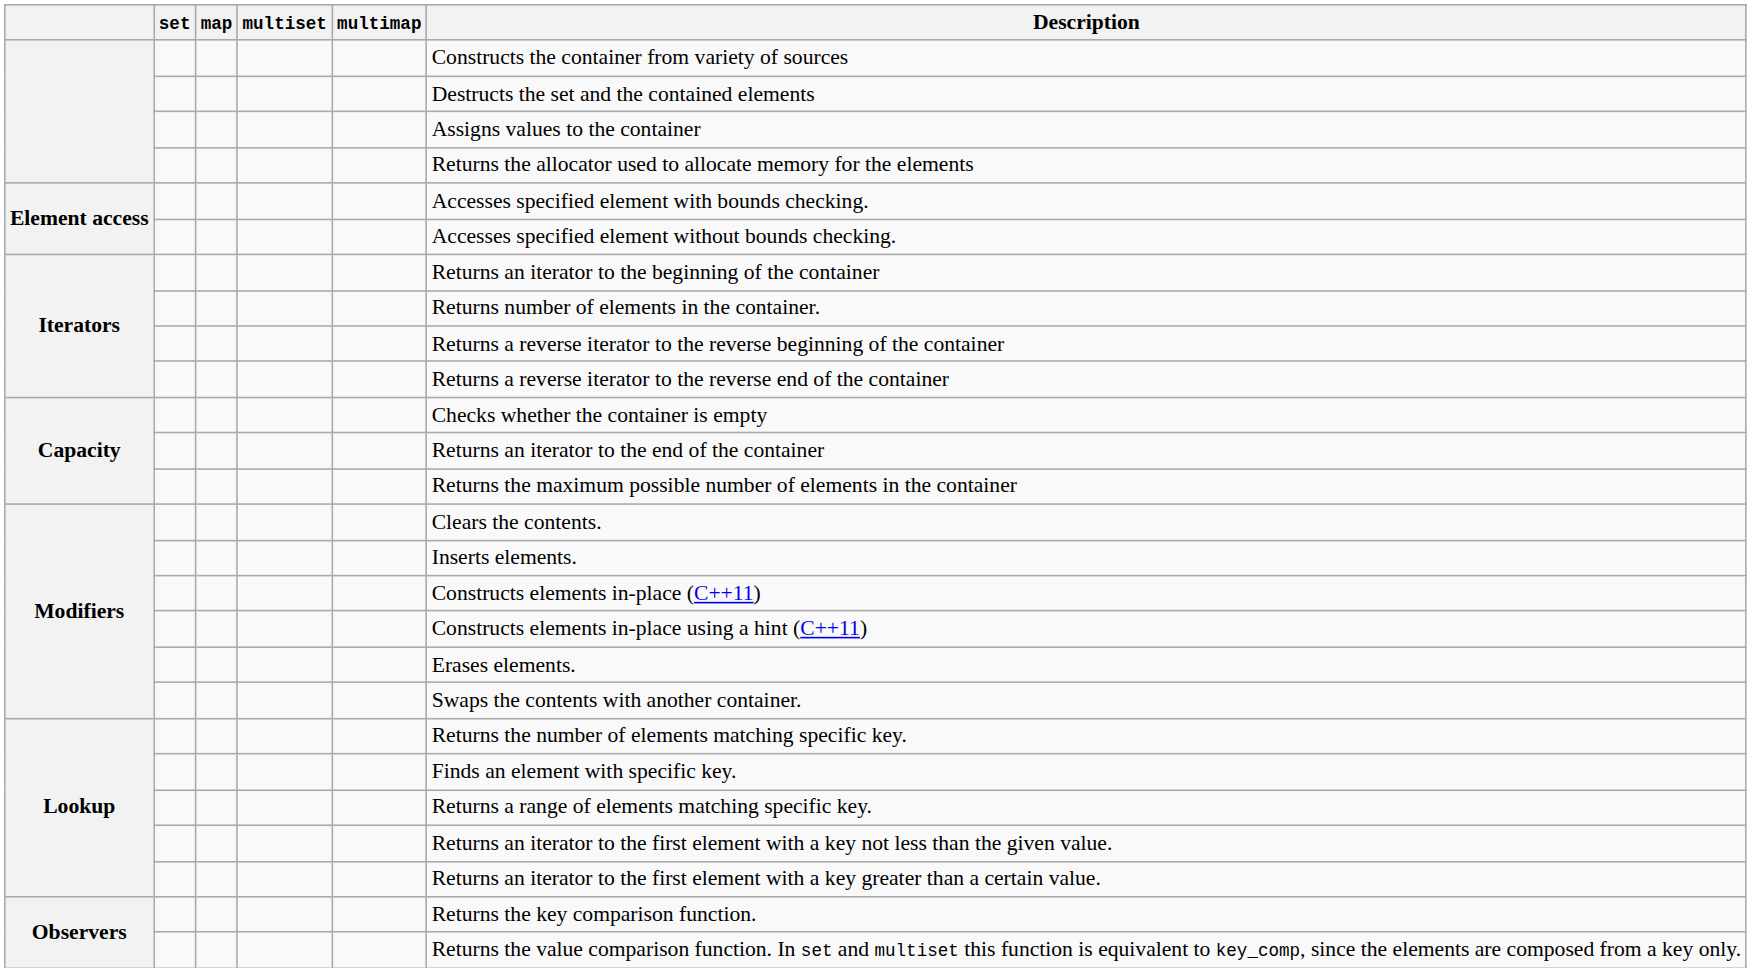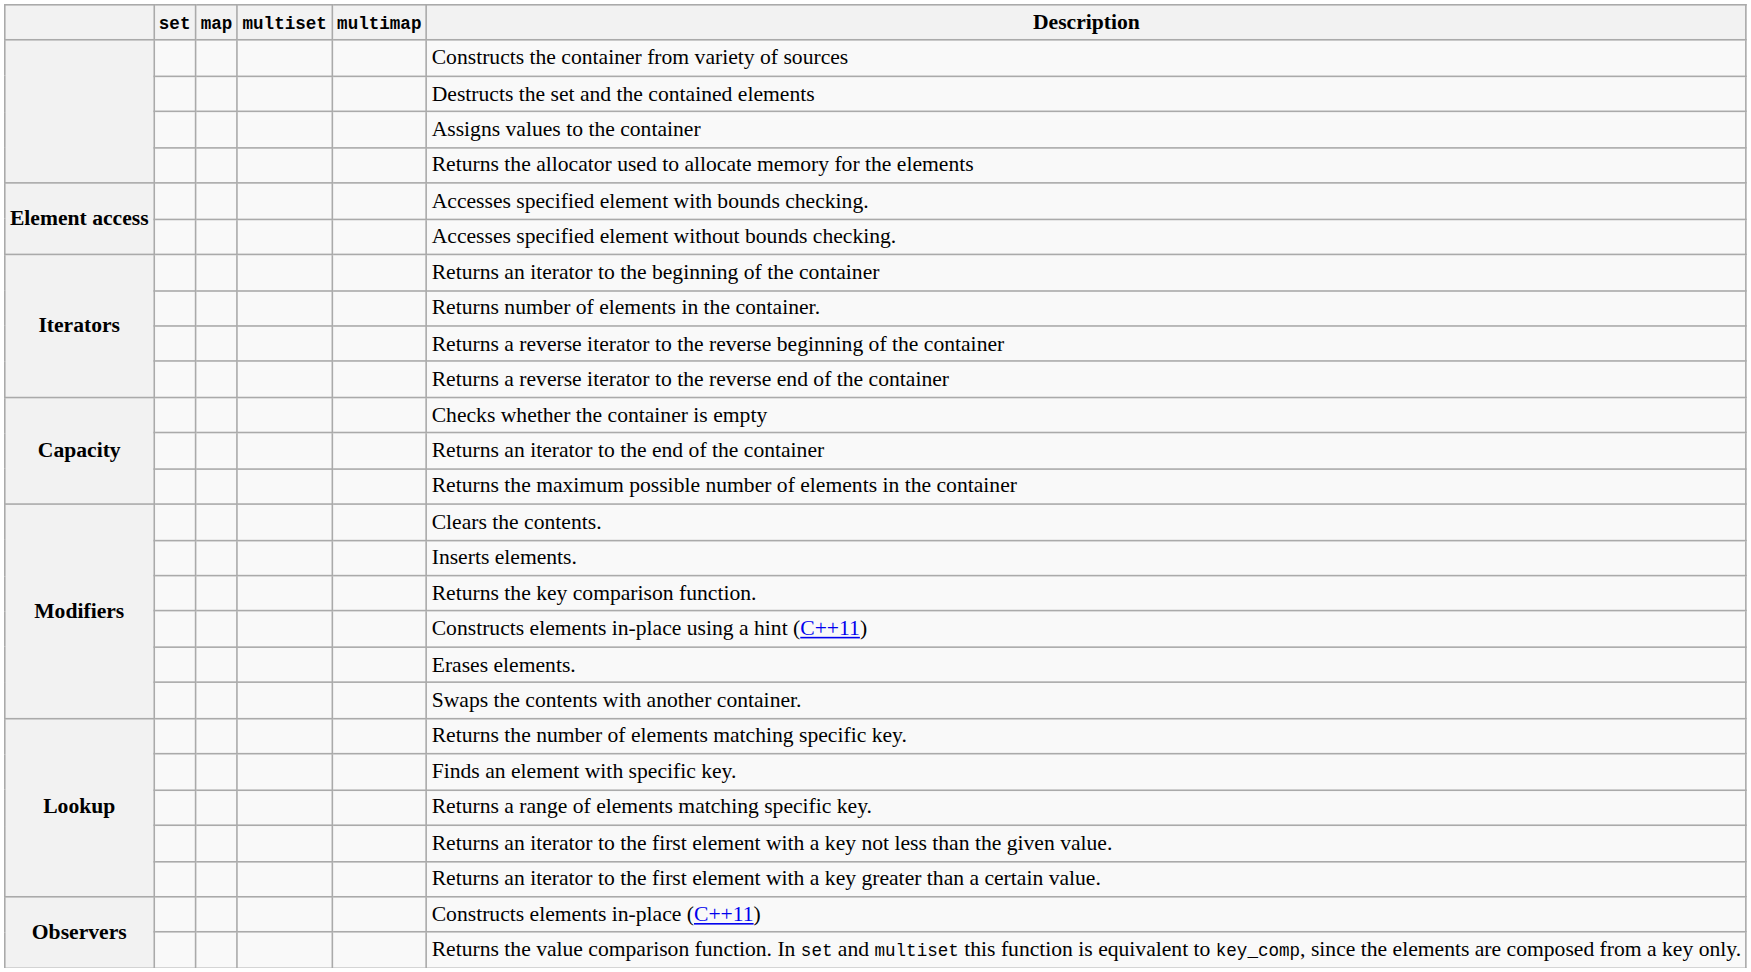 <table class="wikitable" style="font-size:0.85em">
 <tr>
 <th></th>
 <th><code>set</code></th>
 <th><code>map</code></th>
 <th><code>multiset</code></th>
 <th><code>multimap</code></th>
 <th>Description</th>
 </tr>
 <tr>
 <th rowspan=4></th>
 <td></td>
 <td></td>
 <td></td>
 <td></td>
 <td>Constructs the container from variety of sources</td>
 </tr>
 <tr>
 <td></td>
 <td></td>
 <td></td>
 <td></td>
 <td>Destructs the set and the contained elements</td>
 </tr>
 <tr>
 <td><code></code></td>
 <td><code></code></td>
 <td><code></code></td>
 <td><code></code></td>
 <td>Assigns values to the container</td>
 </tr>
 <tr>
 <td><code></code></td>
 <td><code></code></td>
 <td><code></code></td>
 <td><code></code></td>
 <td>Returns the allocator used to allocate memory for the elements</td>
 </tr>
 <tr>
 <th rowspan=2>Element access</th>
 <td></td>
 <td><code></code></td>
 <td></td>
 <td></td>
 <td>Accesses specified element with bounds checking.</td>
 </tr>
 <tr>
 <td></td>
 <td><code></code></td>
 <td></td>
 <td></td>
 <td>Accesses specified element without bounds checking.</td>
 </tr>
 <tr>
 <th rowspan=4>Iterators</th>
 <td><code></code></td>
 <td><code></code></td>
 <td><code></code></td>
 <td><code></code></td>
 <td>Returns an iterator to the beginning of the container</td>
 </tr>
 <tr>
 <td><code></code></td>
 <td><code></code></td>
 <td><code></code></td>
 <td><code></code></td>
 <td>Returns number of elements in the container.</td>
 </tr>
 <tr>
 <td><code></code></td>
 <td><code></code></td>
 <td><code></code></td>
 <td><code></code></td>
 <td>Returns a reverse iterator to the reverse beginning of the container</td>
 </tr>
 <tr>
 <td><code></code></td>
 <td><code></code></td>
 <td><code></code></td>
 <td><code></code></td>
 <td>Returns a reverse iterator to the reverse end of the container</td>
 </tr>
 <tr>
 <th rowspan=3>Capacity</th>
 <td><code></code></td>
 <td><code></code></td>
 <td><code></code></td>
 <td><code></code></td>
 <td>Checks whether the container is empty</td>
 </tr>
 <tr>
 <td><code></code></td>
 <td><code></code></td>
 <td><code></code></td>
 <td><code></code></td>
 <td>Returns an iterator to the end of the container</td>
 </tr>
 <tr>
 <td><code></code></td>
 <td><code></code></td>
 <td><code></code></td>
 <td><code></code></td>
 <td>Returns the maximum possible number of elements in the container</td>
 </tr>
 <tr>
 <th rowspan=6>Modifiers</th>
 <td><code></code></td>
 <td><code></code></td>
 <td><code></code></td>
 <td><code></code></td>
 <td>Clears the contents.</td>
 </tr>
 <tr>
 <td><code></code></td>
 <td><code></code></td>
 <td><code></code></td>
 <td><code></code></td>
 <td>Inserts elements.</td>
 </tr>
 <tr>
 <td><code></code></td>
 <td><code></code></td>
 <td><code></code></td>
 <td><code></code></td>
-<td>Constructs elements in-place (<a href='#'>C++11</a>)</td>
+<td>Returns the key comparison function.</td>
 </tr>
 <tr>
 <td><code></code></td>
 <td><code></code></td>
 <td><code></code></td>
 <td><code></code></td>
 <td>Constructs elements in-place using a hint (<a href='#'>C++11</a>)</td>
 </tr>
 <tr>
 <td><code></code></td>
 <td><code></code></td>
 <td><code></code></td>
 <td><code></code></td>
 <td>Erases elements.</td>
 </tr>
 <tr>
 <td><code></code></td>
 <td><code></code></td>
 <td><code></code></td>
 <td><code></code></td>
 <td>Swaps the contents with another container.</td>
 </tr>
 <tr>
 <th rowspan=5>Lookup</th>
 <td><code></code></td>
 <td><code></code></td>
 <td><code></code></td>
 <td><code></code></td>
 <td>Returns the number of elements matching specific key.</td>
 </tr>
 <tr>
 <td><code></code></td>
 <td><code></code></td>
 <td><code></code></td>
 <td><code></code></td>
 <td>Finds an element with specific key.</td>
 </tr>
 <tr>
 <td><code></code></td>
 <td><code></code></td>
 <td><code></code></td>
 <td><code></code></td>
 <td>Returns a range of elements matching specific key.</td>
 </tr>
 <tr>
 <td><code></code></td>
 <td><code></code></td>
 <td><code></code></td>
 <td><code></code></td>
 <td>Returns an iterator to the first element with a key not less than the given value.</td>
 </tr>
 <tr>
 <td><code></code></td>
 <td><code></code></td>
 <td><code></code></td>
 <td><code></code></td>
 <td>Returns an iterator to the first element with a key greater than a certain value.</td>
 </tr>
 <tr>
 <th rowspan=2>Observers</th>
 <td><code></code></td>
 <td><code></code></td>
 <td><code></code></td>
 <td><code></code></td>
-<td>Returns the key comparison function.</td>
+<td>Constructs elements in-place (<a href='#'>C++11</a>)</td>
 </tr>
 <tr>
 <td><code></code></td>
 <td><code></code></td>
 <td><code></code></td>
 <td><code></code></td>
 <td>Returns the value comparison function. In <code>set</code> and <code>multiset</code> this function is equivalent to <code>key_comp</code>, since the elements are composed from a key only.</td>
 </tr>
 </table>
